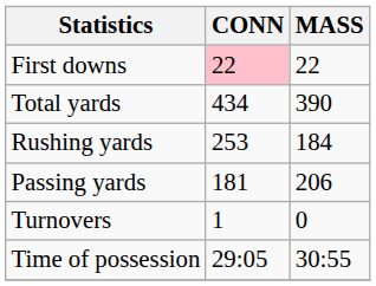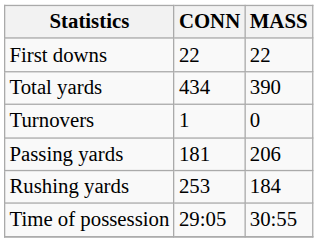 <table class="wikitable" style="float: left;">
 <tr>
 <th>Statistics</th>
 <th>CONN</th>
 <th>MASS</th>
 </tr>
 <tr>
 <td>First downs</td>
-<td style="background: pink;">22</td>
+<td>22</td>
 <td>22</td>
 </tr>
 <tr>
 <td>Total yards</td>
 <td>434</td>
 <td>390</td>
 </tr>
 <tr>
-<td>Rushing yards</td>
-<td>253</td>
-<td>184</td>
+<td>Turnovers</td>
+<td>1</td>
+<td>0</td>
 </tr>
 <tr>
 <td>Passing yards</td>
 <td>181</td>
 <td>206</td>
 </tr>
 <tr>
-<td>Turnovers</td>
-<td>1</td>
-<td>0</td>
+<td>Rushing yards</td>
+<td>253</td>
+<td>184</td>
 </tr>
 <tr>
 <td>Time of possession</td>
 <td>29:05</td>
 <td>30:55</td>
 </tr>
 <tr>
 </tr>
 </table>
